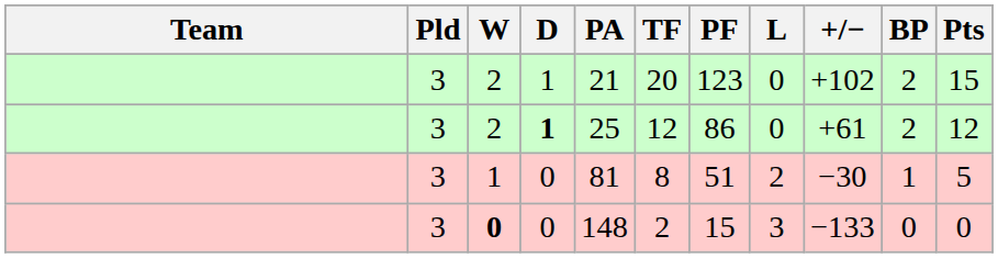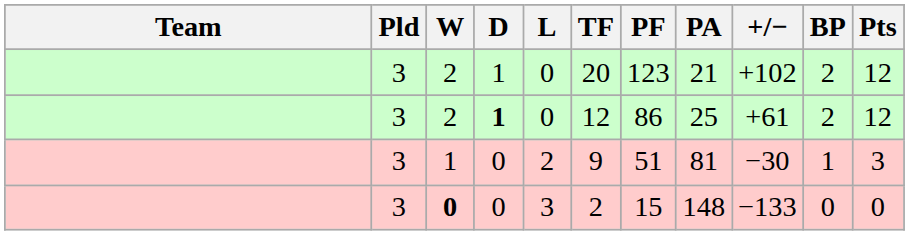 <table class="wikitable" style="text-align:center">
 <tr>
 <th width="200">Team</th>
 <th width="20">Pld</th>
 <th width="20">W</th>
 <th width="20">D</th>
-<th width="20">PA</th>
+<th width="20">L</th>
 <th width="20">TF</th>
 <th width="20">PF</th>
-<th width="20">L</th>
+<th width="20">PA</th>
 <th width="25">+/−</th>
 <th width="20">BP</th>
 <th width="20">Pts</th>
 </tr>
 <tr style="background:#cfc;">
 <td align="left"></td>
 <td>3</td>
 <td>2</td>
 <td>1</td>
-<td>21</td>
+<td>0</td>
 <td>20</td>
 <td>123</td>
-<td>0</td>
+<td>21</td>
 <td>+102</td>
 <td>2</td>
-<td>15</td>
+<td>12</td>
 </tr>
 <tr style="background:#cfc;">
 <td align="left"></td>
 <td>3</td>
 <td>2</td>
 <td><strong>1</strong></td>
-<td>25</td>
+<td>0</td>
 <td>12</td>
 <td>86</td>
-<td>0</td>
+<td>25</td>
 <td>+61</td>
 <td>2</td>
 <td>12</td>
 </tr>
 <tr style="background:#fcc;">
 <td align="left"></td>
 <td>3</td>
 <td>1</td>
 <td>0</td>
+<td>2</td>
+<td>9</td>
+<td>51</td>
 <td>81</td>
-<td>8</td>
-<td>51</td>
-<td>2</td>
 <td>−30</td>
 <td>1</td>
-<td>5</td>
+<td>3</td>
 </tr>
 <tr style="background:#fcc;">
 <td align="left"></td>
 <td>3</td>
 <td><strong>0</strong></td>
 <td>0</td>
-<td>148</td>
+<td>3</td>
 <td>2</td>
 <td>15</td>
-<td>3</td>
+<td>148</td>
 <td>−133</td>
 <td>0</td>
 <td>0</td>
 </tr>
 </table>
